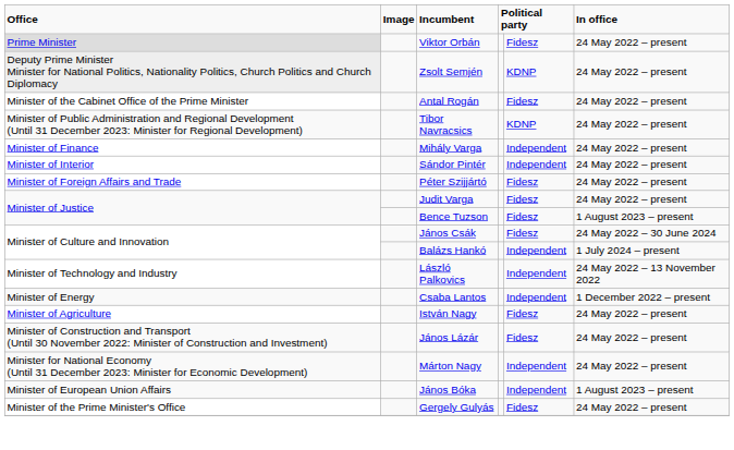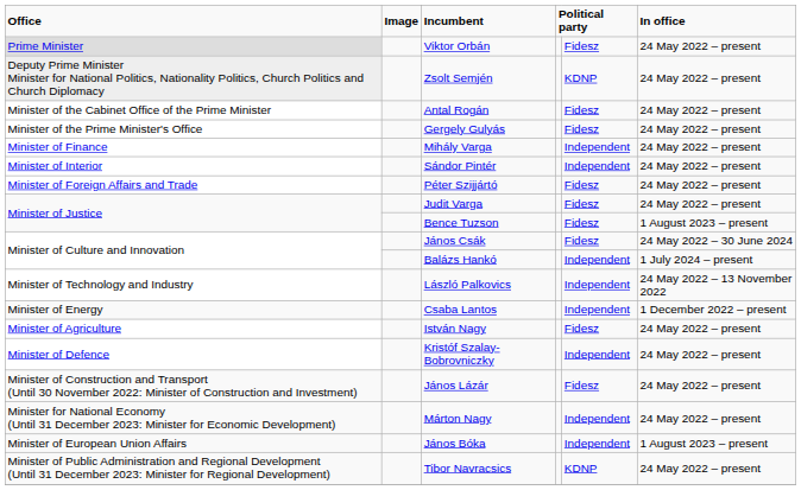 <table class="wikitable" style="width:85%">
 <tr>
 <td><strong>Office</strong></td>
 <td><strong>Image</strong></td>
 <td><strong>Incumbent</strong></td>
 <td colspan="2"><strong>Political party</strong></td>
 <td><strong>In office</strong></td>
 </tr>
 <tr>
 <td bgcolor="#DDDDDD"><a href='#'>Prime Minister</a></td>
 <td></td>
 <td><a href='#'>Viktor Orbán</a></td>
 <td style="color:inherit;background-color: "></td>
 <td><a href='#'>Fidesz</a></td>
 <td>24 May 2022 – present</td>
 </tr>
 <tr>
 <td bgcolor="#EEEEEE">Deputy Prime Minister<br>Minister for National Politics, Nationality Politics, Church Politics and Church Diplomacy</td>
 <td></td>
 <td><a href='#'>Zsolt Semjén</a></td>
 <td style="color:inherit;background-color: "></td>
 <td><a href='#'>KDNP</a></td>
 <td>24 May 2022 – present</td>
 </tr>
 <tr>
 <td bgcolor="#FFFFFF">Minister of the Cabinet Office of the Prime Minister</td>
 <td></td>
 <td><a href='#'>Antal Rogán</a></td>
 <td style="color:inherit;background-color: "></td>
 <td><a href='#'>Fidesz</a></td>
 <td>24 May 2022 – present</td>
 </tr>
 <tr>
-<td>Minister of Public Administration and Regional Development<br>(Until 31 December 2023: Minister for Regional Development)</td>
+<td bgcolor="#FFFFFF">Minister of the Prime Minister's Office</td>
 <td></td>
-<td><a href='#'>Tibor Navracsics</a></td>
+<td><a href='#'>Gergely Gulyás</a></td>
 <td style="color:inherit;background-color: "></td>
-<td><a href='#'>KDNP</a></td>
+<td><a href='#'>Fidesz</a></td>
 <td>24 May 2022 – present</td>
 </tr>
 <tr>
 <td bgcolor="#FFFFFF"><a href='#'>Minister of Finance</a></td>
 <td></td>
 <td><a href='#'>Mihály Varga</a></td>
 <td style="color:inherit;background-color: "></td>
 <td><a href='#'>Independent</a></td>
 <td>24 May 2022 – present</td>
 </tr>
 <tr>
 <td bgcolor="#FFFFFF"><a href='#'>Minister of Interior</a></td>
 <td></td>
 <td><a href='#'>Sándor Pintér</a></td>
 <td style="color:inherit;background-color: "></td>
 <td><a href='#'>Independent</a></td>
 <td>24 May 2022 – present</td>
 </tr>
 <tr>
 <td bgcolor="#FFFFFF"><a href='#'>Minister of Foreign Affairs and Trade</a></td>
 <td></td>
 <td><a href='#'>Péter Szijjártó</a></td>
 <td style="color:inherit;background-color: "></td>
 <td><a href='#'>Fidesz</a></td>
 <td>24 May 2022 – present</td>
 </tr>
 <tr>
 <td rowspan=2><a href='#'>Minister of Justice</a></td>
 <td></td>
 <td><a href='#'>Judit Varga</a></td>
 <td style="color:inherit;background-color: "></td>
 <td><a href='#'>Fidesz</a></td>
 <td>24 May 2022 – present</td>
 </tr>
 <tr>
 <td></td>
 <td><a href='#'>Bence Tuzson</a></td>
 <td style="color:inherit;background-color: "></td>
 <td><a href='#'>Fidesz</a></td>
 <td>1 August 2023 – present</td>
 </tr>
 <tr>
 <td rowspan="2" bgcolor="#FFFFFF">Minister of Culture and Innovation</td>
 <td></td>
 <td><a href='#'>János Csák</a></td>
 <td style="color:inherit;background-color: "></td>
 <td><a href='#'>Fidesz</a></td>
 <td>24 May 2022 – 30 June 2024</td>
 </tr>
 <tr>
 <td></td>
 <td><a href='#'>Balázs Hankó</a></td>
 <td style="color:inherit;background:"></td>
 <td><a href='#'>Independent</a></td>
 <td>1 July 2024 – present</td>
 </tr>
 <tr>
 <td bgcolor="#FFFFFF">Minister of Technology and Industry</td>
 <td></td>
 <td><a href='#'>László Palkovics</a></td>
 <td style="color:inherit;background-color: "></td>
 <td><a href='#'>Independent</a></td>
 <td>24 May 2022 – 13 November 2022</td>
 </tr>
 <tr>
 <td>Minister of Energy</td>
 <td></td>
 <td><a href='#'>Csaba Lantos</a></td>
 <td style="color:inherit;background-color: "></td>
 <td><a href='#'>Independent</a></td>
 <td>1 December 2022 – present</td>
 </tr>
 <tr>
 <td bgcolor="#FFFFFF"><a href='#'>Minister of Agriculture</a></td>
 <td></td>
 <td><a href='#'>István Nagy</a></td>
 <td style="color:inherit;background-color: "></td>
 <td><a href='#'>Fidesz</a></td>
 <td>24 May 2022 – present</td>
 </tr>
 <tr>
+<td bgcolor="#FFFFFF"><a href='#'>Minister of Defence</a></td>
+<td></td>
+<td><a href='#'>Kristóf Szalay-Bobrovniczky</a></td>
+<td style="color:inherit;background-color: "></td>
+<td><a href='#'>Independent</a></td>
+<td>24 May 2022 – present</td>
+</tr>
+<tr>
 <td>Minister of Construction and Transport<br>(Until 30 November 2022: Minister of Construction and Investment)</td>
 <td></td>
 <td><a href='#'>János Lázár</a></td>
 <td style="color:inherit;background-color: "></td>
 <td><a href='#'>Fidesz</a></td>
 <td>24 May 2022 – present</td>
 </tr>
 <tr>
 <td>Minister for National Economy<br>(Until 31 December 2023: Minister for Economic Development)</td>
 <td></td>
 <td><a href='#'>Márton Nagy</a></td>
 <td style="color:inherit;background-color: "></td>
 <td><a href='#'>Independent</a></td>
 <td>24 May 2022 – present</td>
 </tr>
 <tr>
 <td>Minister of European Union Affairs</td>
 <td></td>
 <td><a href='#'>János Bóka</a></td>
 <td style="color:inherit;background-color: "></td>
 <td><a href='#'>Independent</a></td>
 <td>1 August 2023 – present</td>
 </tr>
 <tr>
-<td bgcolor="#FFFFFF">Minister of the Prime Minister's Office</td>
+<td>Minister of Public Administration and Regional Development<br>(Until 31 December 2023: Minister for Regional Development)</td>
 <td></td>
-<td><a href='#'>Gergely Gulyás</a></td>
+<td><a href='#'>Tibor Navracsics</a></td>
 <td style="color:inherit;background-color: "></td>
-<td><a href='#'>Fidesz</a></td>
+<td><a href='#'>KDNP</a></td>
 <td>24 May 2022 – present</td>
 </tr>
 <tr>
 </tr>
 </table>
